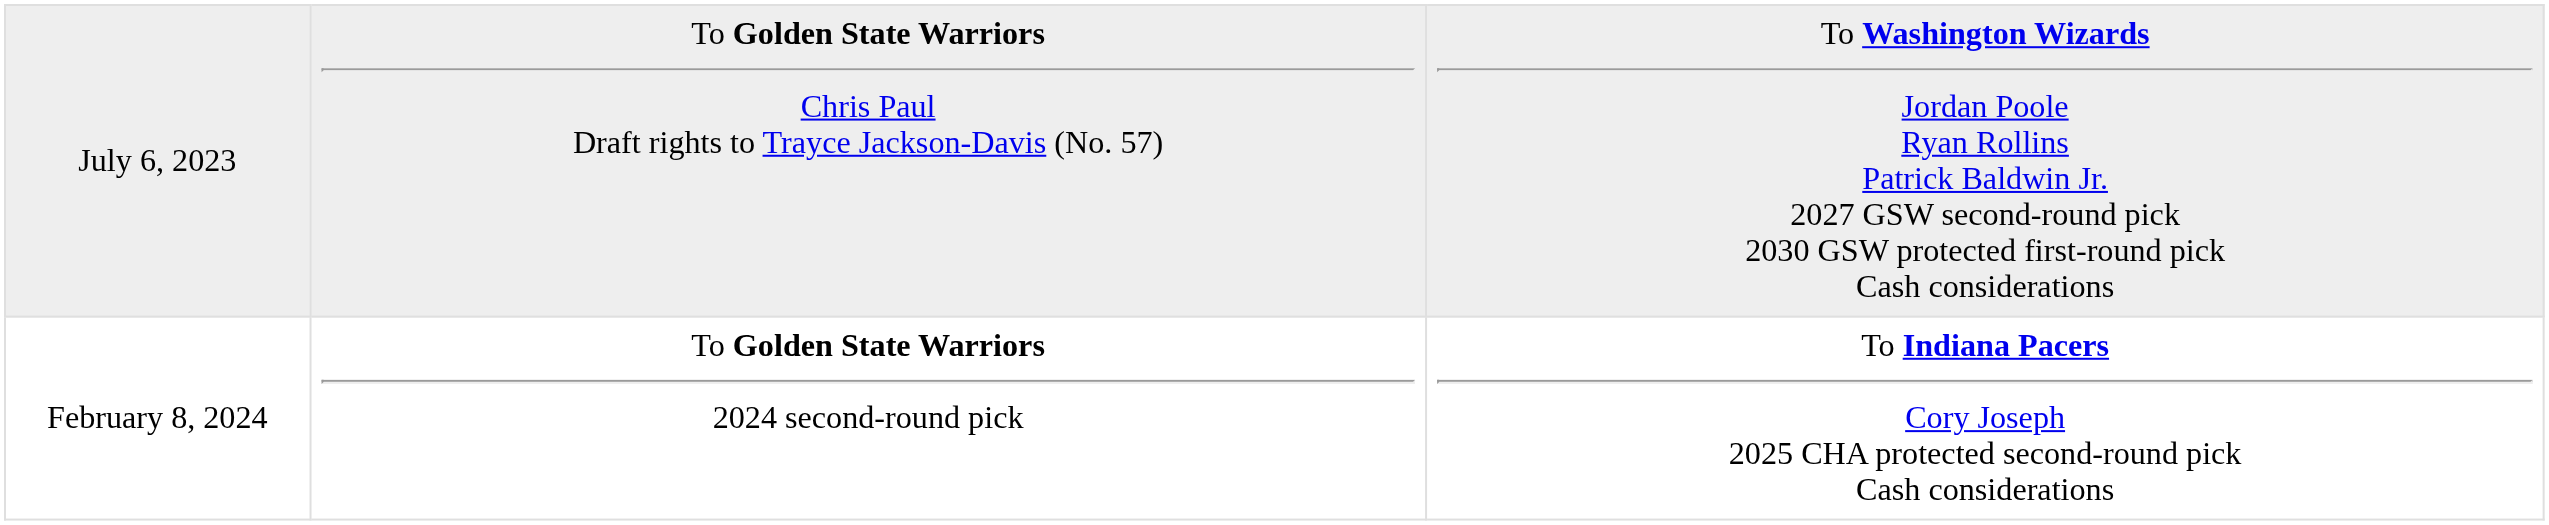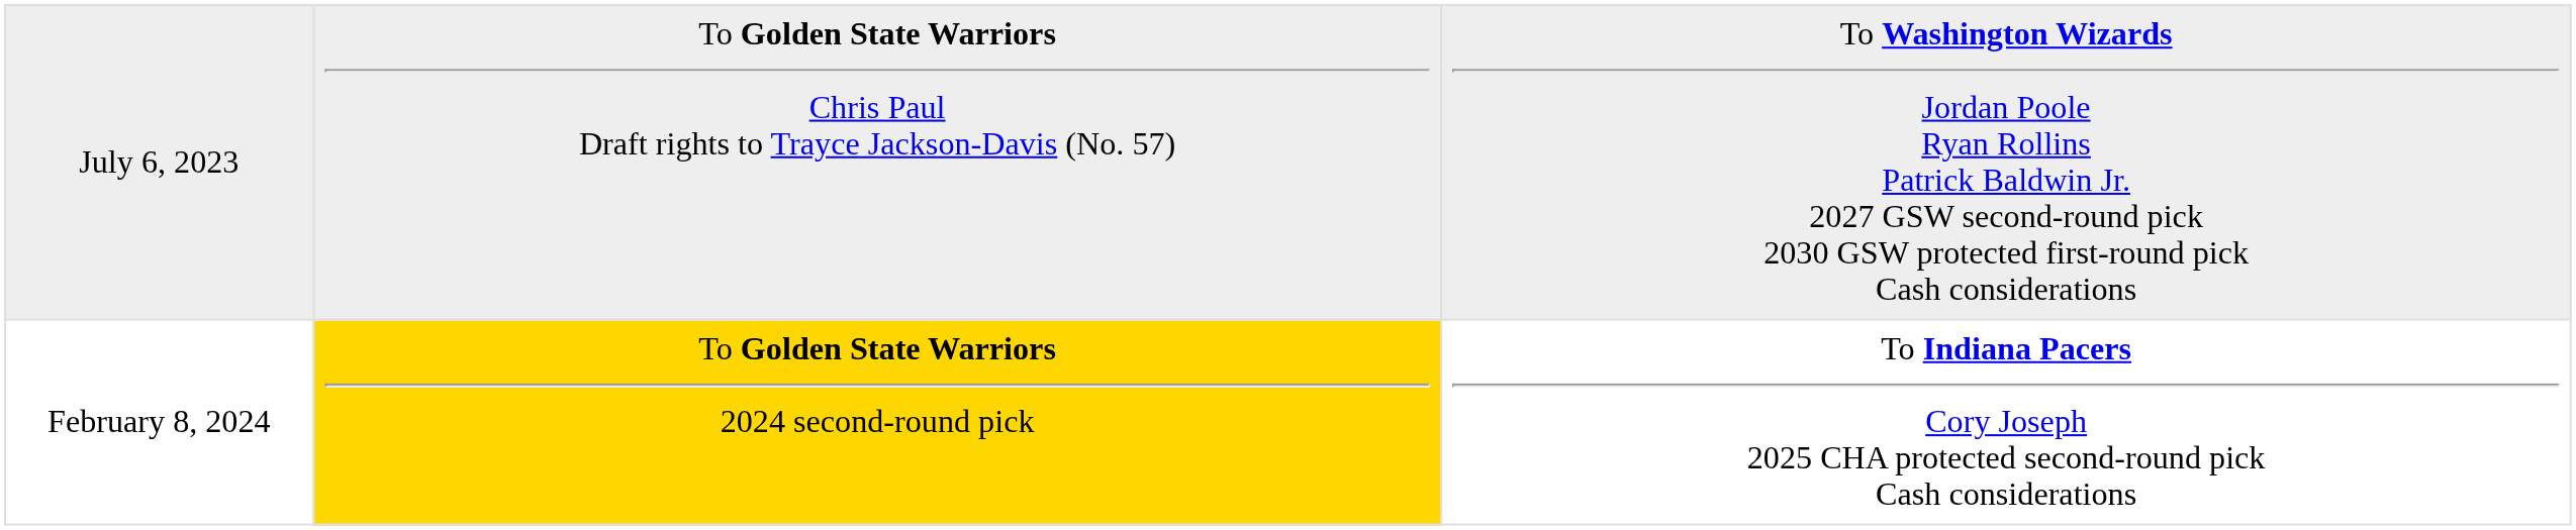 <table border=1 style="border-collapse:collapse; text-align: center; width: 100%" bordercolor="#DFDFDF"  cellpadding="5">
 <tr style="background:#eee;">
 <td style="width:12%">July 6, 2023</td>
 <td style="width:44%; vertical-align:top;">To <strong>Golden State Warriors</strong><hr><a href='#'>Chris Paul</a><br>Draft rights to <a href='#'>Trayce Jackson-Davis</a> (No. 57)</td>
 <td style="width:44%; vertical-align:top;">To <strong><a href='#'>Washington Wizards</a></strong><hr><a href='#'>Jordan Poole</a><br><a href='#'>Ryan Rollins</a><br><a href='#'>Patrick Baldwin Jr.</a><br>2027 GSW second-round pick<br>2030 GSW protected first-round pick<br>Cash considerations</td>
 </tr>
 <tr>
 <td style="width:12%">February 8, 2024</td>
-<td style="width:44%; vertical-align:top;">To <strong>Golden State Warriors</strong><hr>2024 second-round pick</td>
+<td style="background: gold; width:44%; vertical-align:top;">To <strong>Golden State Warriors</strong><hr>2024 second-round pick</td>
 <td style="width:44%; vertical-align:top;">To <strong><a href='#'>Indiana Pacers</a></strong><hr><a href='#'>Cory Joseph</a><br>2025 CHA protected second-round pick<br>Cash considerations</td>
 </tr>
 </table>
